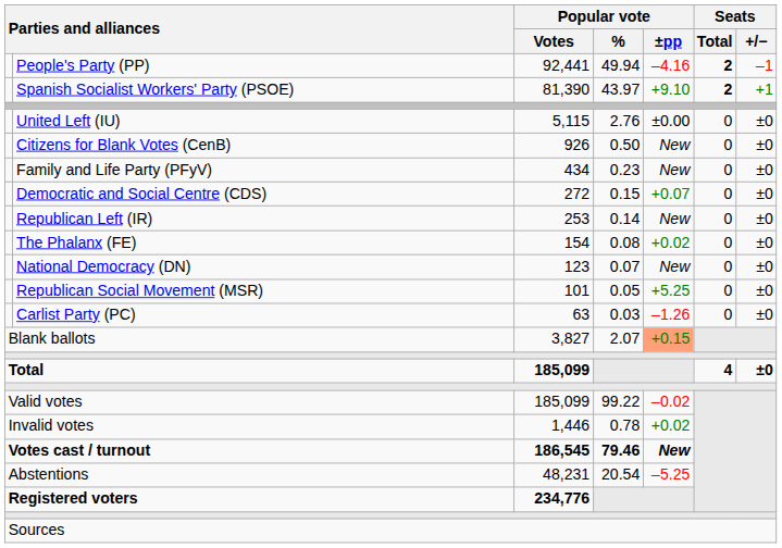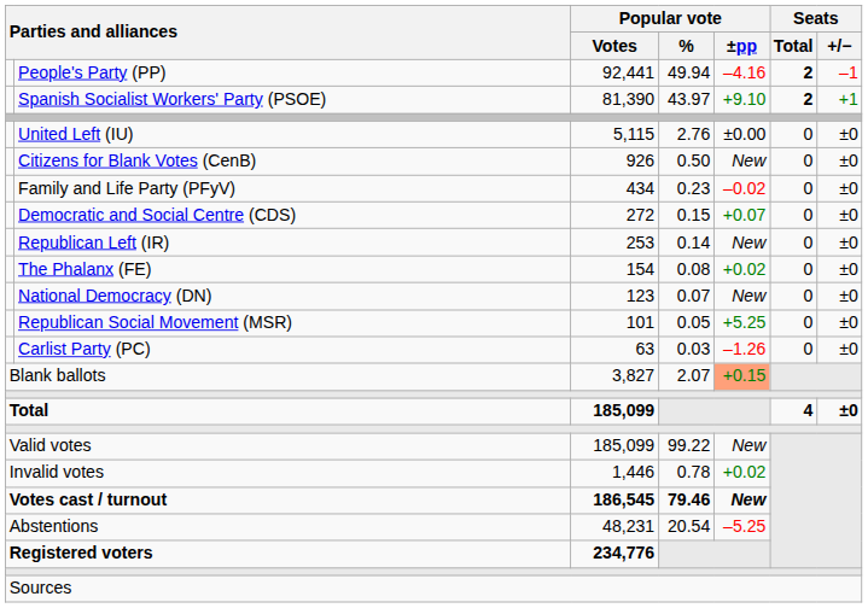 <table class="wikitable" style="text-align:right;">
 <tr>
 <th style="text-align:left;" rowspan="2" colspan="2" width="525">Parties and alliances</th>
 <th colspan="3">Popular vote</th>
 <th colspan="2">Seats</th>
 </tr>
 <tr>
 <th width="75">Votes</th>
 <th width="45">%</th>
 <th width="45">±<a href='#'>pp</a></th>
 <th width="35">Total</th>
 <th width="35">+/−</th>
 </tr>
 <tr>
 <td width="1" style="color:inherit;background:"></td>
 <td align="left"><a href='#'>People's Party</a> (PP)</td>
 <td>92,441</td>
 <td>49.94</td>
 <td style="color:red;">–4.16</td>
 <td><strong>2</strong></td>
 <td style="color:red;">–1</td>
 </tr>
 <tr>
 <td style="color:inherit;background:"></td>
 <td align="left"><a href='#'>Spanish Socialist Workers' Party</a> (PSOE)</td>
 <td>81,390</td>
 <td>43.97</td>
 <td style="color:green;">+9.10</td>
 <td><strong>2</strong></td>
 <td style="color:green;">+1</td>
 </tr>
 <tr>
 <td colspan="7" bgcolor="#C0C0C0"></td>
 </tr>
 <tr>
 <td style="color:inherit;background:"></td>
 <td align="left"><a href='#'>United Left</a> (IU)</td>
 <td>5,115</td>
 <td>2.76</td>
 <td>±0.00</td>
 <td>0</td>
 <td>±0</td>
 </tr>
 <tr>
 <td style="color:inherit;background:"></td>
 <td align="left"><a href='#'>Citizens for Blank Votes</a> (CenB)</td>
 <td>926</td>
 <td>0.50</td>
 <td><em>New</em></td>
 <td>0</td>
 <td>±0</td>
 </tr>
 <tr>
 <td style="color:inherit;background:"></td>
 <td align="left">Family and Life Party (PFyV)</td>
 <td>434</td>
 <td>0.23</td>
-<td><em>New</em></td>
+<td style="color:red;">–0.02</td>
 <td>0</td>
 <td>±0</td>
 </tr>
 <tr>
 <td style="color:inherit;background:"></td>
 <td align="left"><a href='#'>Democratic and Social Centre</a> (CDS)</td>
 <td>272</td>
 <td>0.15</td>
 <td style="color:green;">+0.07</td>
 <td>0</td>
 <td>±0</td>
 </tr>
 <tr>
 <td style="color:inherit;background:"></td>
 <td align="left"><a href='#'>Republican Left</a> (IR)</td>
 <td>253</td>
 <td>0.14</td>
 <td><em>New</em></td>
 <td>0</td>
 <td>±0</td>
 </tr>
 <tr>
 <td style="color:inherit;background:"></td>
 <td align="left"><a href='#'>The Phalanx</a> (FE)</td>
 <td>154</td>
 <td>0.08</td>
 <td style="color:green;">+0.02</td>
 <td>0</td>
 <td>±0</td>
 </tr>
 <tr>
 <td style="color:inherit;background:"></td>
 <td align="left"><a href='#'>National Democracy</a> (DN)</td>
 <td>123</td>
 <td>0.07</td>
 <td><em>New</em></td>
 <td>0</td>
 <td>±0</td>
 </tr>
 <tr>
 <td style="color:inherit;background:"></td>
 <td align="left"><a href='#'>Republican Social Movement</a> (MSR)</td>
 <td>101</td>
 <td>0.05</td>
 <td style="color:green;">+5.25</td>
 <td>0</td>
 <td>±0</td>
 </tr>
 <tr>
 <td style="color:inherit;background:"></td>
 <td align="left"><a href='#'>Carlist Party</a> (PC)</td>
 <td>63</td>
 <td>0.03</td>
 <td style="color:red;">–1.26</td>
 <td>0</td>
 <td>±0</td>
 </tr>
 <tr>
 <td align="left" colspan="2">Blank ballots</td>
 <td>3,827</td>
 <td>2.07</td>
 <td style="background: lightsalmon; color:green;">+0.15</td>
 <td bgcolor="#E9E9E9" colspan="2"></td>
 </tr>
 <tr>
 <td colspan="7" bgcolor="#E9E9E9"></td>
 </tr>
 <tr style="font-weight:bold;">
 <td align="left" colspan="2">Total</td>
 <td>185,099</td>
 <td bgcolor="#E9E9E9" colspan="2"></td>
 <td>4</td>
 <td>±0</td>
 </tr>
 <tr>
 <td colspan="7" bgcolor="#E9E9E9"></td>
 </tr>
 <tr>
 <td align="left" colspan="2">Valid votes</td>
 <td>185,099</td>
 <td>99.22</td>
-<td style="color:red;">–0.02</td>
+<td><em>New</em></td>
 <td bgcolor="#E9E9E9" colspan="2" rowspan="5"></td>
 </tr>
 <tr>
 <td align="left" colspan="2">Invalid votes</td>
 <td>1,446</td>
 <td>0.78</td>
 <td style="color:green;">+0.02</td>
 </tr>
 <tr style="font-weight:bold;">
 <td align="left" colspan="2">Votes cast / turnout</td>
 <td>186,545</td>
 <td>79.46</td>
 <td><em>New</em></td>
 </tr>
 <tr>
 <td align="left" colspan="2">Abstentions</td>
 <td>48,231</td>
 <td>20.54</td>
 <td style="color:red;">–5.25</td>
 </tr>
 <tr style="font-weight:bold;">
 <td align="left" colspan="2">Registered voters</td>
 <td>234,776</td>
 <td bgcolor="#E9E9E9" colspan="2"></td>
 </tr>
 <tr>
 <td colspan="7" bgcolor="#E9E9E9"></td>
 </tr>
 <tr>
 <td align="left" colspan="7">Sources</td>
 </tr>
 </table>
